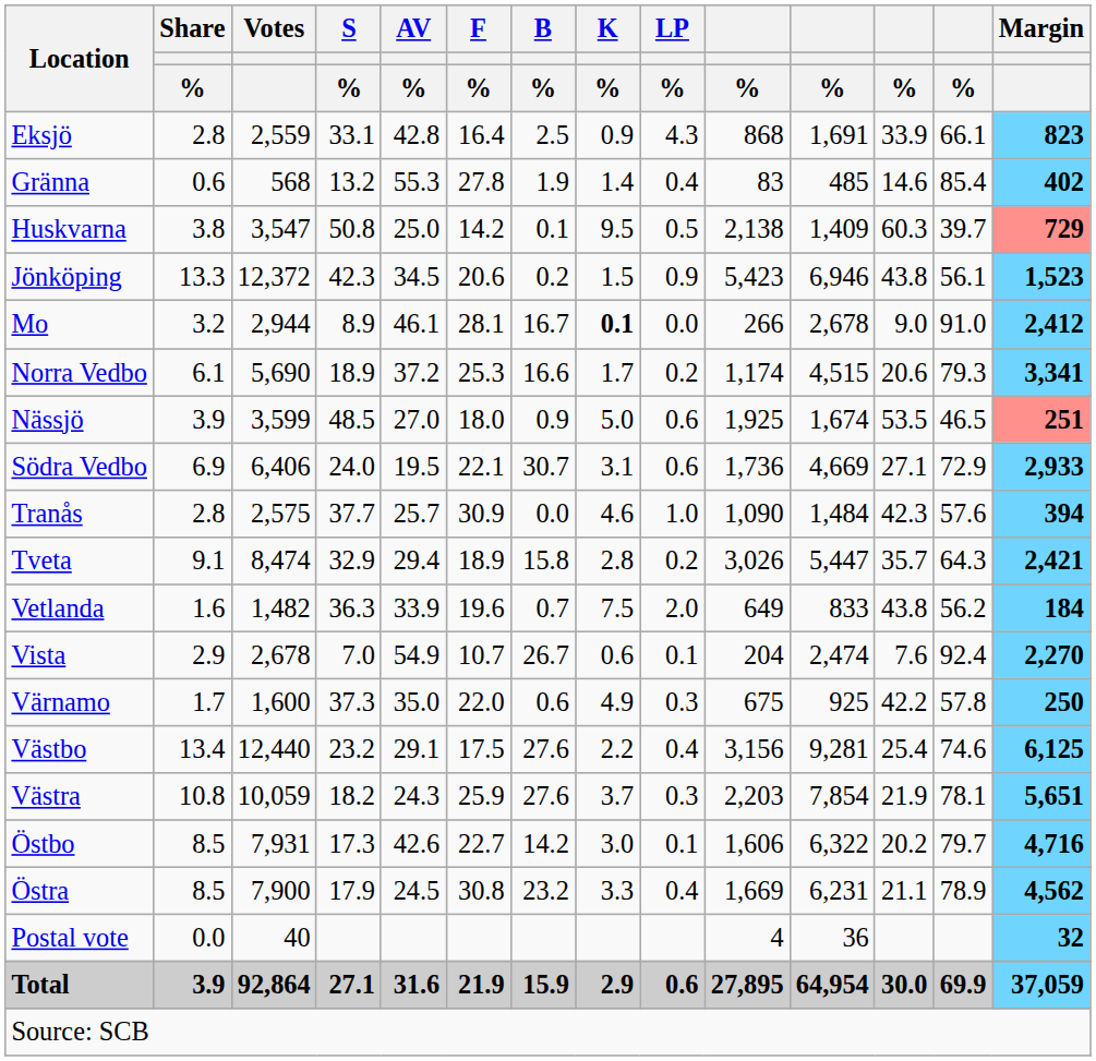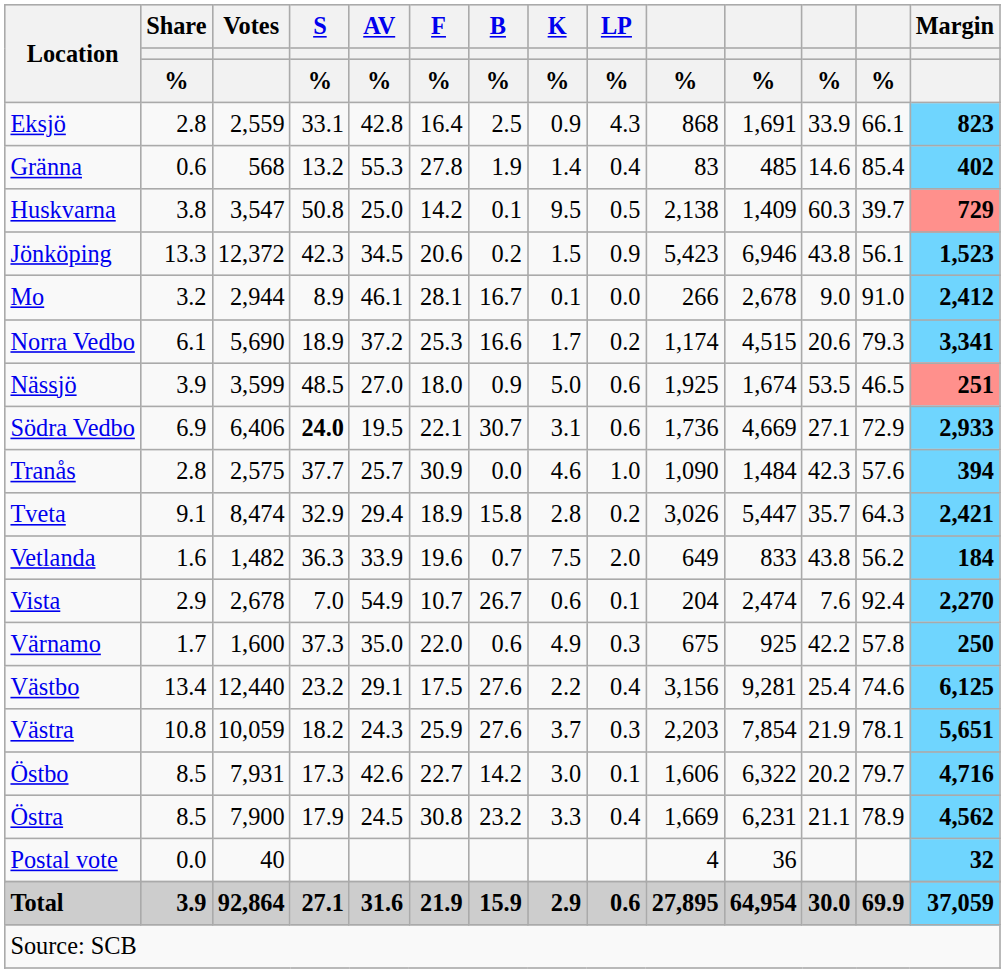 <table class="wikitable sortable" style="text-align:right; font-size:95%; line-height:20px;">
 <tr>
 <th rowspan="3">Location</th>
 <th>Share</th>
 <th>Votes</th>
 <th width="30px" class="unsortable"><a href='#'>S</a></th>
 <th width="30px" class="unsortable"><a href='#'>AV</a></th>
 <th width="30px" class="unsortable"><a href='#'>F</a></th>
 <th width="30px" class="unsortable"><a href='#'>B</a></th>
 <th width="30px" class="unsortable"><a href='#'>K</a></th>
 <th width="30px" class="unsortable"><a href='#'>LP</a></th>
 <th></th>
 <th></th>
 <th></th>
 <th></th>
 <th>Margin</th>
 </tr>
 <tr>
 <th></th>
 <th></th>
 <th style="background:"></th>
 <th style="background:"></th>
 <th style="background:"></th>
 <th style="background:"></th>
 <th style="background:"></th>
 <th style="background:"></th>
 <th style="background:"></th>
 <th style="background:"></th>
 <th style="background:"></th>
 <th style="background:"></th>
 <th></th>
 </tr>
 <tr>
 <th data-sort-type="number">%</th>
 <th></th>
 <th data-sort-type="number">%</th>
 <th data-sort-type="number">%</th>
 <th data-sort-type="number">%</th>
 <th data-sort-type="number">%</th>
 <th data-sort-type="number">%</th>
 <th data-sort-type="number">%</th>
 <th data-sort-type="number">%</th>
 <th data-sort-type="number">%</th>
 <th data-sort-type="number">%</th>
 <th data-sort-type="number">%</th>
 <th></th>
 </tr>
 <tr>
 <td align=left><a href='#'>Eksjö</a></td>
 <td>2.8</td>
 <td>2,559</td>
 <td>33.1</td>
 <td>42.8</td>
 <td>16.4</td>
 <td>2.5</td>
 <td>0.9</td>
 <td>4.3</td>
 <td>868</td>
 <td>1,691</td>
 <td>33.9</td>
 <td>66.1</td>
 <td bgcolor=#6fd5fe><strong>823</strong></td>
 </tr>
 <tr>
 <td align=left><a href='#'>Gränna</a></td>
 <td>0.6</td>
 <td>568</td>
 <td>13.2</td>
 <td>55.3</td>
 <td>27.8</td>
 <td>1.9</td>
 <td>1.4</td>
 <td>0.4</td>
 <td>83</td>
 <td>485</td>
 <td>14.6</td>
 <td>85.4</td>
 <td bgcolor=#6fd5fe><strong>402</strong></td>
 </tr>
 <tr>
 <td align=left><a href='#'>Huskvarna</a></td>
 <td>3.8</td>
 <td>3,547</td>
 <td>50.8</td>
 <td>25.0</td>
 <td>14.2</td>
 <td>0.1</td>
 <td>9.5</td>
 <td>0.5</td>
 <td>2,138</td>
 <td>1,409</td>
 <td>60.3</td>
 <td>39.7</td>
 <td bgcolor=#ff908c><strong>729</strong></td>
 </tr>
 <tr>
 <td align=left><a href='#'>Jönköping</a></td>
 <td>13.3</td>
 <td>12,372</td>
 <td>42.3</td>
 <td>34.5</td>
 <td>20.6</td>
 <td>0.2</td>
 <td>1.5</td>
 <td>0.9</td>
 <td>5,423</td>
 <td>6,946</td>
 <td>43.8</td>
 <td>56.1</td>
 <td bgcolor=#6fd5fe><strong>1,523</strong></td>
 </tr>
 <tr>
 <td align=left><a href='#'>Mo</a></td>
 <td>3.2</td>
 <td>2,944</td>
 <td>8.9</td>
 <td>46.1</td>
 <td>28.1</td>
 <td>16.7</td>
-<td><strong>0.1</strong></td>
+<td>0.1</td>
 <td>0.0</td>
 <td>266</td>
 <td>2,678</td>
 <td>9.0</td>
 <td>91.0</td>
 <td bgcolor=#6fd5fe><strong>2,412</strong></td>
 </tr>
 <tr>
 <td align=left><a href='#'>Norra Vedbo</a></td>
 <td>6.1</td>
 <td>5,690</td>
 <td>18.9</td>
 <td>37.2</td>
 <td>25.3</td>
 <td>16.6</td>
 <td>1.7</td>
 <td>0.2</td>
 <td>1,174</td>
 <td>4,515</td>
 <td>20.6</td>
 <td>79.3</td>
 <td bgcolor=#6fd5fe><strong>3,341</strong></td>
 </tr>
 <tr>
 <td align=left><a href='#'>Nässjö</a></td>
 <td>3.9</td>
 <td>3,599</td>
 <td>48.5</td>
 <td>27.0</td>
 <td>18.0</td>
 <td>0.9</td>
 <td>5.0</td>
 <td>0.6</td>
 <td>1,925</td>
 <td>1,674</td>
 <td>53.5</td>
 <td>46.5</td>
 <td bgcolor=#ff908c><strong>251</strong></td>
 </tr>
 <tr>
 <td align=left><a href='#'>Södra Vedbo</a></td>
 <td>6.9</td>
 <td>6,406</td>
-<td>24.0</td>
+<td><strong>24.0</strong></td>
 <td>19.5</td>
 <td>22.1</td>
 <td>30.7</td>
 <td>3.1</td>
 <td>0.6</td>
 <td>1,736</td>
 <td>4,669</td>
 <td>27.1</td>
 <td>72.9</td>
 <td bgcolor=#6fd5fe><strong>2,933</strong></td>
 </tr>
 <tr>
 <td align=left><a href='#'>Tranås</a></td>
 <td>2.8</td>
 <td>2,575</td>
 <td>37.7</td>
 <td>25.7</td>
 <td>30.9</td>
 <td>0.0</td>
 <td>4.6</td>
 <td>1.0</td>
 <td>1,090</td>
 <td>1,484</td>
 <td>42.3</td>
 <td>57.6</td>
 <td bgcolor=#6fd5fe><strong>394</strong></td>
 </tr>
 <tr>
 <td align=left><a href='#'>Tveta</a></td>
 <td>9.1</td>
 <td>8,474</td>
 <td>32.9</td>
 <td>29.4</td>
 <td>18.9</td>
 <td>15.8</td>
 <td>2.8</td>
 <td>0.2</td>
 <td>3,026</td>
 <td>5,447</td>
 <td>35.7</td>
 <td>64.3</td>
 <td bgcolor=#6fd5fe><strong>2,421</strong></td>
 </tr>
 <tr>
 <td align=left><a href='#'>Vetlanda</a></td>
 <td>1.6</td>
 <td>1,482</td>
 <td>36.3</td>
 <td>33.9</td>
 <td>19.6</td>
 <td>0.7</td>
 <td>7.5</td>
 <td>2.0</td>
 <td>649</td>
 <td>833</td>
 <td>43.8</td>
 <td>56.2</td>
 <td bgcolor=#6fd5fe><strong>184</strong></td>
 </tr>
 <tr>
 <td align=left><a href='#'>Vista</a></td>
 <td>2.9</td>
 <td>2,678</td>
 <td>7.0</td>
 <td>54.9</td>
 <td>10.7</td>
 <td>26.7</td>
 <td>0.6</td>
 <td>0.1</td>
 <td>204</td>
 <td>2,474</td>
 <td>7.6</td>
 <td>92.4</td>
 <td bgcolor=#6fd5fe><strong>2,270</strong></td>
 </tr>
 <tr>
 <td align=left><a href='#'>Värnamo</a></td>
 <td>1.7</td>
 <td>1,600</td>
 <td>37.3</td>
 <td>35.0</td>
 <td>22.0</td>
 <td>0.6</td>
 <td>4.9</td>
 <td>0.3</td>
 <td>675</td>
 <td>925</td>
 <td>42.2</td>
 <td>57.8</td>
 <td bgcolor=#6fd5fe><strong>250</strong></td>
 </tr>
 <tr>
 <td align=left><a href='#'>Västbo</a></td>
 <td>13.4</td>
 <td>12,440</td>
 <td>23.2</td>
 <td>29.1</td>
 <td>17.5</td>
 <td>27.6</td>
 <td>2.2</td>
 <td>0.4</td>
 <td>3,156</td>
 <td>9,281</td>
 <td>25.4</td>
 <td>74.6</td>
 <td bgcolor=#6fd5fe><strong>6,125</strong></td>
 </tr>
 <tr>
 <td align=left><a href='#'>Västra</a></td>
 <td>10.8</td>
 <td>10,059</td>
 <td>18.2</td>
 <td>24.3</td>
 <td>25.9</td>
 <td>27.6</td>
 <td>3.7</td>
 <td>0.3</td>
 <td>2,203</td>
 <td>7,854</td>
 <td>21.9</td>
 <td>78.1</td>
 <td bgcolor=#6fd5fe><strong>5,651</strong></td>
 </tr>
 <tr>
 <td align=left><a href='#'>Östbo</a></td>
 <td>8.5</td>
 <td>7,931</td>
 <td>17.3</td>
 <td>42.6</td>
 <td>22.7</td>
 <td>14.2</td>
 <td>3.0</td>
 <td>0.1</td>
 <td>1,606</td>
 <td>6,322</td>
 <td>20.2</td>
 <td>79.7</td>
 <td bgcolor=#6fd5fe><strong>4,716</strong></td>
 </tr>
 <tr>
 <td align=left><a href='#'>Östra</a></td>
 <td>8.5</td>
 <td>7,900</td>
 <td>17.9</td>
 <td>24.5</td>
 <td>30.8</td>
 <td>23.2</td>
 <td>3.3</td>
 <td>0.4</td>
 <td>1,669</td>
 <td>6,231</td>
 <td>21.1</td>
 <td>78.9</td>
 <td bgcolor=#6fd5fe><strong>4,562</strong></td>
 </tr>
 <tr>
 <td align=left><a href='#'>Postal vote</a></td>
 <td>0.0</td>
 <td>40</td>
 <td></td>
 <td></td>
 <td></td>
 <td></td>
 <td></td>
 <td></td>
 <td>4</td>
 <td>36</td>
 <td></td>
 <td></td>
 <td bgcolor=#6fd5fe><strong>32</strong></td>
 </tr>
 <tr>
 </tr>
 <tr style="background:#CDCDCD;">
 <td align=left><strong>Total</strong></td>
 <td><strong>3.9</strong></td>
 <td><strong>92,864</strong></td>
 <td><strong>27.1</strong></td>
 <td><strong>31.6</strong></td>
 <td><strong>21.9</strong></td>
 <td><strong>15.9</strong></td>
 <td><strong>2.9</strong></td>
 <td><strong>0.6</strong></td>
 <td><strong>27,895</strong></td>
 <td><strong>64,954</strong></td>
 <td><strong>30.0</strong></td>
 <td><strong>69.9</strong></td>
 <td bgcolor=#6fd5fe><strong>37,059</strong></td>
 </tr>
 <tr>
 <td align=left colspan=14>Source: SCB </td>
 </tr>
 </table>
